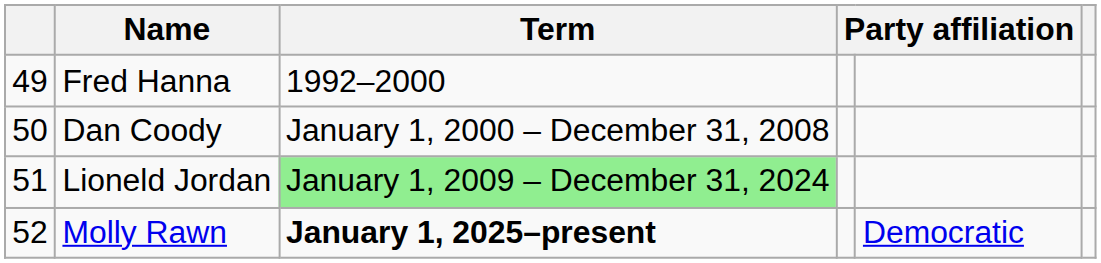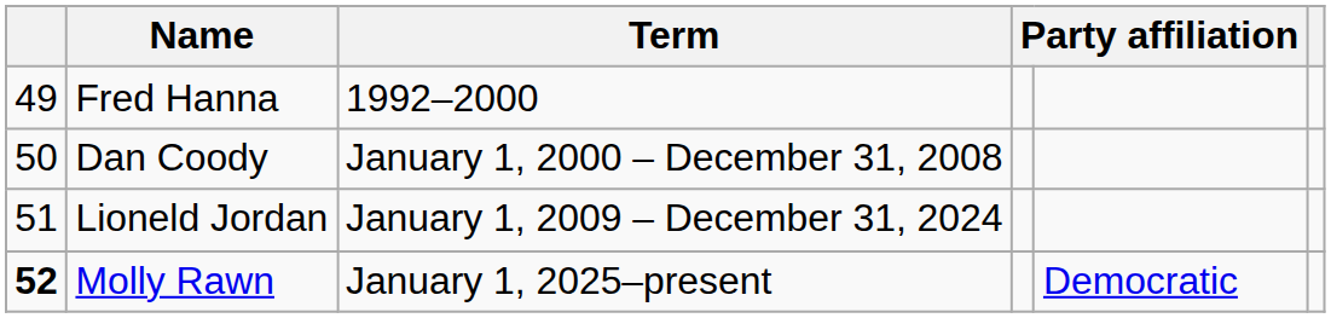 <table class="wikitable sortable">
 <tr>
 <th></th>
 <th>Name</th>
 <th>Term</th>
 <th colspan="2">Party affiliation</th>
 <th></th>
 </tr>
 <tr>
 <td>49</td>
 <td>Fred Hanna</td>
 <td>1992–2000</td>
 <td></td>
 <td></td>
 <td></td>
 </tr>
 <tr>
 <td>50</td>
 <td>Dan Coody</td>
 <td>January 1, 2000 – December 31, 2008</td>
 <td></td>
 <td></td>
 <td></td>
 </tr>
 <tr>
 <td>51</td>
 <td>Lioneld Jordan</td>
-<td style="background: lightgreen;">January 1, 2009 – December 31, 2024</td>
+<td>January 1, 2009 – December 31, 2024</td>
 <td></td>
 <td></td>
 <td></td>
 </tr>
 <tr>
-<td>52</td>
+<td><strong>52</strong></td>
 <td><a href='#'>Molly Rawn</a></td>
-<td><strong>January 1, 2025–present</strong></td>
+<td>January 1, 2025–present</td>
 <td style="background-color:"></td>
 <td><a href='#'>Democratic</a></td>
 <td></td>
 </tr>
 </table>
